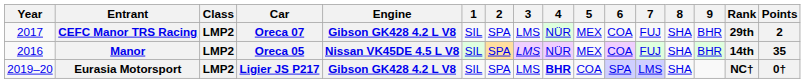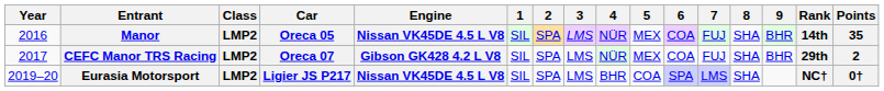 <table class="wikitable" style="text-align:center; font-size:85%">
 <tr>
 <th>Year</th>
 <th>Entrant</th>
 <th>Class</th>
 <th>Car</th>
 <th>Engine</th>
 <th>1</th>
 <th>2</th>
 <th>3</th>
 <th>4</th>
 <th>5</th>
 <th>6</th>
 <th>7</th>
 <th>8</th>
 <th>9</th>
 <th>Rank</th>
 <th>Points</th>
 </tr>
 <tr>
+<td><a href='#'>2016</a></td>
+<th nowrap><a href='#'>Manor</a></th>
+<th>LMP2</th>
+<th nowrap><a href='#'>Oreca 05</a></th>
+<th nowrap><a href='#'>Nissan VK45DE 4.5 L V8</a></th>
+<td style="background:#DFFFDF"><a href='#'>SIL</a><br></td>
+<td style="background:#FFDF9F"><a href='#'>SPA</a><br></td>
+<td style="background:#EFCFFF"><em><a href='#'>LMS</a></em><br></td>
+<td style="background:#EFCFFF"><a href='#'>NÜR</a><br></td>
+<td><a href='#'>MEX</a></td>
+<td style="background:#EFCFFF"><a href='#'>COA</a><br></td>
+<td style="background:#DFFFDF"><a href='#'>FUJ</a><br></td>
+<td><a href='#'>SHA</a></td>
+<td style="background:#DFFFDF"><a href='#'>BHR</a><br></td>
+<th>14th</th>
+<th>35</th>
+</tr>
+<tr>
 <td><a href='#'>2017</a></td>
 <th nowrap><a href='#'>CEFC Manor TRS Racing</a></th>
 <th>LMP2</th>
 <th nowrap><a href='#'>Oreca 07</a></th>
 <th nowrap><a href='#'>Gibson GK428 4.2 L V8</a></th>
 <td><a href='#'>SIL</a></td>
 <td><a href='#'>SPA</a></td>
 <td><a href='#'>LMS</a></td>
 <td style="background:#DFFFDF"><a href='#'>NÜR</a><br></td>
 <td><a href='#'>MEX</a></td>
 <td><a href='#'>COA</a></td>
 <td><a href='#'>FUJ</a></td>
 <td><a href='#'>SHA</a></td>
 <td><a href='#'>BHR</a></td>
 <th>29th</th>
 <th>2</th>
 </tr>
 <tr>
-<td><a href='#'>2016</a></td>
-<th nowrap><a href='#'>Manor</a></th>
-<th>LMP2</th>
-<th nowrap><a href='#'>Oreca 05</a></th>
-<th nowrap><a href='#'>Nissan VK45DE 4.5 L V8</a></th>
-<td style="background:#DFFFDF"><a href='#'>SIL</a><br></td>
-<td style="background:#FFDF9F"><a href='#'>SPA</a><br></td>
-<td style="background:#EFCFFF"><em><a href='#'>LMS</a></em><br></td>
-<td style="background:#EFCFFF"><a href='#'>NÜR</a><br></td>
-<td><a href='#'>MEX</a></td>
-<td style="background:#EFCFFF"><a href='#'>COA</a><br></td>
-<td style="background:#DFFFDF"><a href='#'>FUJ</a><br></td>
-<td><a href='#'>SHA</a></td>
-<td style="background:#DFFFDF"><a href='#'>BHR</a><br></td>
-<th>14th</th>
-<th>35</th>
-</tr>
-<tr>
 <td nowrap><a href='#'>2019–20</a></td>
 <th nowrap>Eurasia Motorsport</th>
 <th>LMP2</th>
 <th nowrap><a href='#'>Ligier JS P217</a></th>
-<th nowrap><a href='#'>Gibson GK428 4.2 L V8</a></th>
+<th nowrap><a href='#'>Nissan VK45DE 4.5 L V8</a></th>
 <td><a href='#'>SIL</a></td>
 <td><a href='#'>SPA</a></td>
 <td><a href='#'>LMS</a></td>
-<td><strong><a href='#'>BHR</a></strong></td>
+<td><a href='#'>BHR</a></td>
 <td><a href='#'>COA</a></td>
 <td style="background:#CFCFFF"><a href='#'>SPA</a><br></td>
 <td style="background:#CFCFFF"><a href='#'>LMS</a><br></td>
 <td><a href='#'>SHA</a></td>
 <td></td>
 <th>NC†</th>
 <th>0†</th>
 </tr>
 </table>
